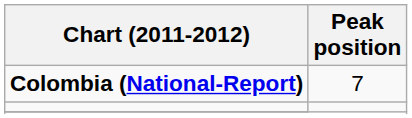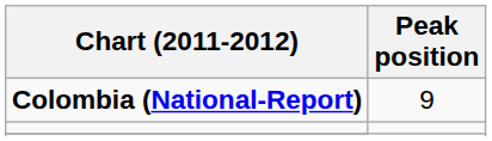 <table class="wikitable sortable">
 <tr>
 <th>Chart (2011-2012)</th>
 <th>Peak<br>position</th>
 </tr>
 <tr>
 <td><strong>Colombia (<a href='#'>National-Report</a>)</strong></td>
-<td align="center">7</td>
+<td align="center">9</td>
 </tr>
 <tr>
 <td></td>
 </tr>
 <tr>
 </tr>
 <tr>
 </tr>
 </table>
